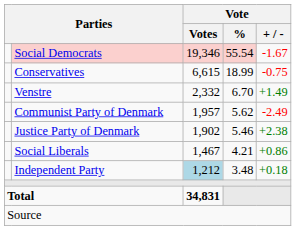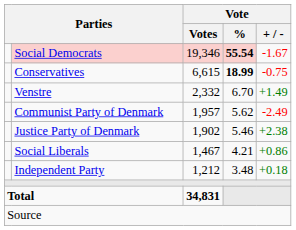 <table class="wikitable" style="text-align:right;">
 <tr>
 <th style="text-align:centre;" rowspan="2" colspan="2" width="225">Parties</th>
 <th colspan="3">Vote</th>
 </tr>
 <tr>
 <th width="15">Votes</th>
 <th width="15">%</th>
 <th width="15">+ / -</th>
 </tr>
 <tr>
 <td width="2" style="color:inherit;background:"></td>
 <td bgcolor=#fbd0ce  align="left"><a href='#'>Social Democrats</a></td>
 <td bgcolor=#fbd0ce>19,346</td>
-<td bgcolor=#fbd0ce>55.54</td>
+<td bgcolor=#fbd0ce><strong>55.54</strong></td>
 <td style=color:red;>-1.67</td>
 </tr>
 <tr>
 <td width="2" style="color:inherit;background:"></td>
 <td align="left"><a href='#'>Conservatives</a></td>
 <td>6,615</td>
-<td>18.99</td>
+<td><strong>18.99</strong></td>
 <td style=color:red;>-0.75</td>
 </tr>
 <tr>
 <td width="2" style="color:inherit;background:"></td>
 <td align="left"><a href='#'>Venstre</a></td>
 <td>2,332</td>
 <td>6.70</td>
 <td style=color:green;>+1.49</td>
 </tr>
 <tr>
 <td width="2" style="color:inherit;background:"></td>
 <td align="left"><a href='#'>Communist Party of Denmark</a></td>
 <td>1,957</td>
 <td>5.62</td>
 <td style=color:red;>-2.49</td>
 </tr>
 <tr>
 <td width="2" style="color:inherit;background:"></td>
 <td align="left"><a href='#'>Justice Party of Denmark</a></td>
 <td>1,902</td>
 <td>5.46</td>
 <td style=color:green;>+2.38</td>
 </tr>
 <tr>
 <td width="2" style="color:inherit;background:"></td>
 <td align="left"><a href='#'>Social Liberals</a></td>
 <td>1,467</td>
 <td>4.21</td>
 <td style=color:green;>+0.86</td>
 </tr>
 <tr>
 <td width="2" style="color:inherit;background:"></td>
 <td align="left"><a href='#'>Independent Party</a></td>
-<td style="background: lightblue;">1,212</td>
+<td>1,212</td>
 <td>3.48</td>
 <td style=color:green;>+0.18</td>
 </tr>
 <tr>
 <td colspan="7" bgcolor="#E9E9E9"></td>
 </tr>
 <tr>
 <td align="left" colspan="2"><strong>Total</strong></td>
 <td><strong>34,831</strong></td>
 <td bgcolor="#E9E9E9" colspan="2"></td>
 </tr>
 <tr>
 <td align="left" colspan="6">Source</td>
 </tr>
 </table>
